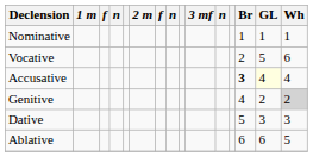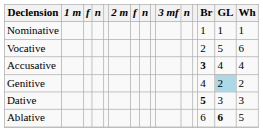 <table class="wikitable sortable">
 <tr>
 <th class=unsortable>Declension</th>
 <th class=unsortable><em>1 m</em></th>
 <th class=unsortable><em>f</em></th>
 <th class=unsortable><em>n</em></th>
 <th class=unsortable></th>
 <th class=unsortable><em>2 m</em></th>
 <th class=unsortable><em>f</em></th>
 <th class=unsortable><em>n</em></th>
 <th class=unsortable></th>
 <th class=unsortable><em>3 mf</em></th>
 <th class=unsortable><em>n</em></th>
 <th class=unsortable></th>
 <th>Br</th>
 <th>GL</th>
 <th>Wh</th>
 </tr>
 <tr>
 <td>Nominative</td>
 <td><strong></strong></td>
 <td><strong></strong></td>
 <td><strong></strong></td>
 <td></td>
 <td><strong></strong></td>
 <td><strong></strong></td>
 <td><strong></strong></td>
 <td></td>
 <td><strong></strong></td>
 <td><strong></strong></td>
 <td></td>
 <td>1</td>
 <td>1</td>
 <td>1</td>
 </tr>
 <tr>
 <td>Vocative</td>
 <td><strong></strong></td>
 <td><strong></strong></td>
 <td><strong></strong></td>
 <td></td>
 <td><strong></strong></td>
 <td><strong></strong></td>
 <td><strong></strong></td>
 <td></td>
 <td><strong></strong></td>
 <td><strong></strong></td>
 <td></td>
 <td>2</td>
 <td>5</td>
 <td>6</td>
 </tr>
 <tr>
 <td>Accusative</td>
 <td><strong></strong></td>
 <td><strong></strong></td>
 <td><strong></strong></td>
 <td></td>
 <td><strong></strong></td>
 <td><strong></strong></td>
 <td><strong></strong></td>
 <td></td>
 <td><strong></strong></td>
 <td><strong></strong></td>
 <td></td>
 <td><strong>3</strong></td>
-<td style="background: lightyellow;">4</td>
+<td>4</td>
 <td>4</td>
 </tr>
 <tr>
 <td>Genitive</td>
 <td><strong></strong></td>
 <td><strong></strong></td>
 <td><strong></strong></td>
 <td></td>
 <td><strong></strong></td>
 <td><strong></strong></td>
 <td><strong></strong></td>
 <td></td>
 <td><strong></strong></td>
 <td><strong></strong></td>
 <td></td>
 <td>4</td>
+<td style="background: lightblue;">2</td>
 <td>2</td>
-<td style="background: lightgrey;">2</td>
 </tr>
 <tr>
 <td>Dative</td>
 <td><strong></strong></td>
 <td><strong></strong></td>
 <td><strong></strong></td>
 <td></td>
 <td><strong></strong></td>
 <td><strong></strong></td>
 <td><strong></strong></td>
 <td></td>
 <td><strong></strong></td>
 <td><strong></strong></td>
 <td></td>
-<td>5</td>
+<td><strong>5</strong></td>
 <td>3</td>
 <td>3</td>
 </tr>
 <tr>
 <td>Ablative</td>
 <td><strong></strong></td>
 <td><strong></strong></td>
 <td><strong></strong></td>
 <td></td>
 <td><strong></strong></td>
 <td><strong></strong></td>
 <td><strong></strong></td>
 <td></td>
 <td><strong></strong></td>
 <td><strong></strong></td>
 <td></td>
 <td>6</td>
-<td>6</td>
+<td><strong>6</strong></td>
 <td>5</td>
 </tr>
 <tr>
 </tr>
 </table>
